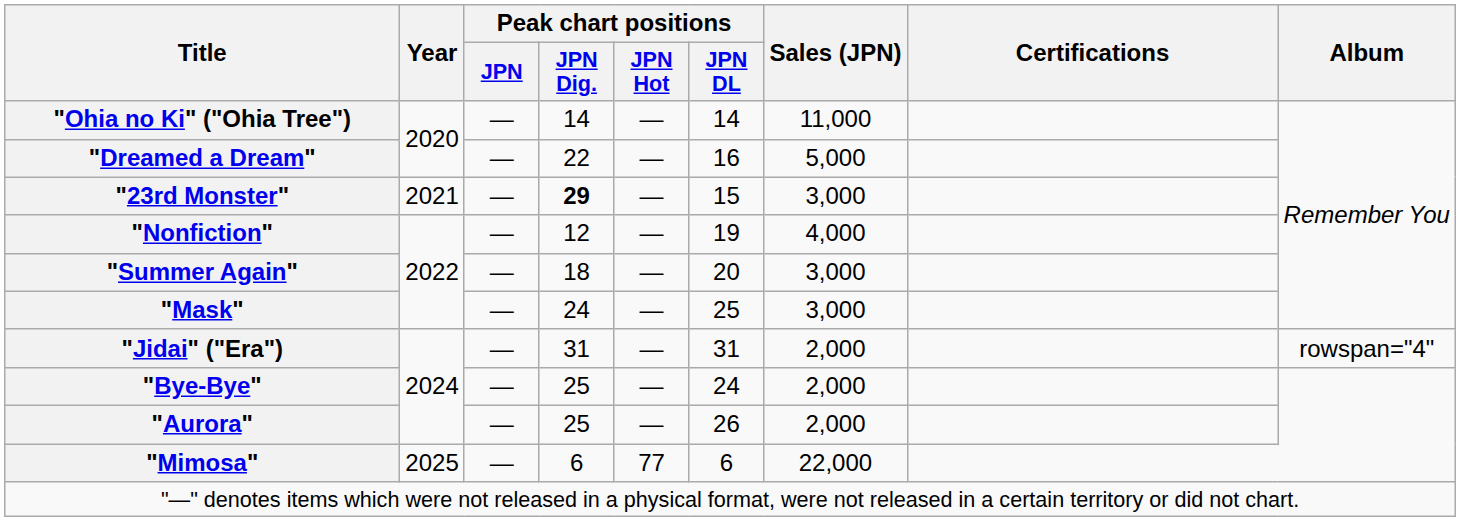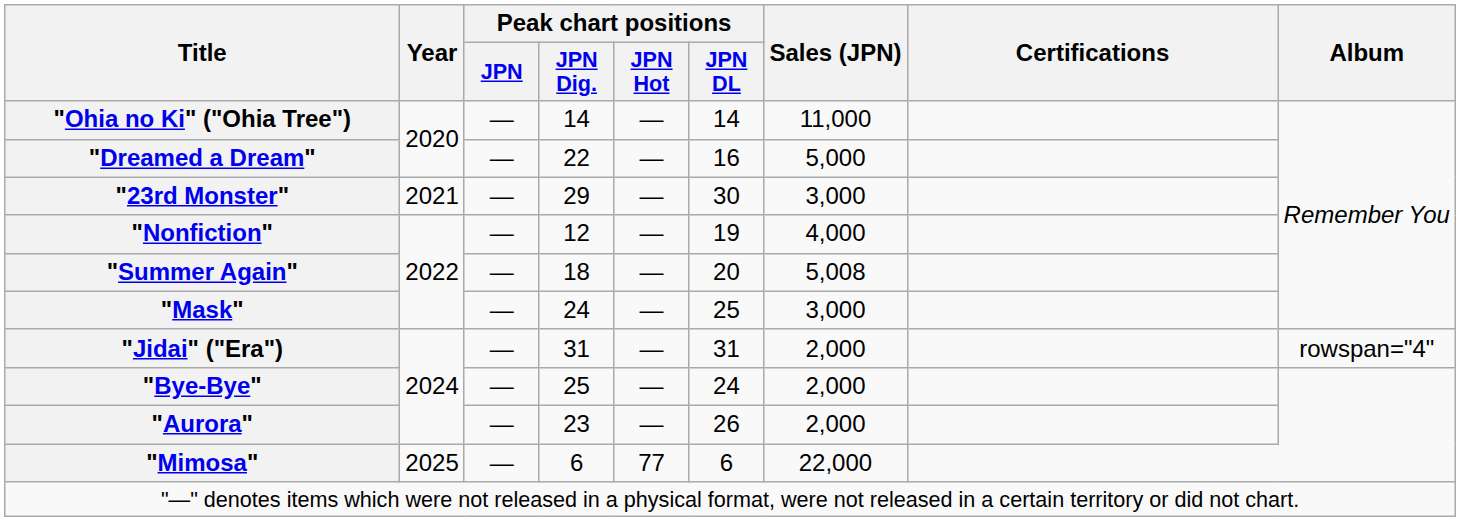 <table class="wikitable plainrowheaders" style="text-align:center;">
 <tr>
 <th scope="col" rowspan="2" style="width:16em;">Title</th>
 <th scope="col" rowspan="2">Year</th>
 <th scope="col" colspan="4">Peak chart positions</th>
 <th scope="col" rowspan="2">Sales (JPN)</th>
 <th scope="col" rowspan="2" style="width:15em;">Certifications</th>
 <th scope="col" rowspan="2">Album</th>
 </tr>
 <tr>
 <th scope="col" style="width:3em;font-size:90%;"><a href='#'>JPN</a><br></th>
 <th scope="col" style="width:3em;font-size:90%;"><a href='#'>JPN Dig.</a><br></th>
 <th scope="col" style="width:3em;font-size:90%;"><a href='#'>JPN Hot</a><br></th>
 <th scope="col" style="width:3em;font-size:90%;"><a href='#'>JPN DL</a><br></th>
 </tr>
 <tr>
 <th scope="row">"<a href='#'>Ohia no Ki</a>" ("Ohia Tree")</th>
 <td rowspan="2">2020</td>
 <td>—</td>
 <td>14</td>
 <td>—</td>
 <td>14</td>
 <td>11,000</td>
 <td></td>
 <td rowspan="6"><em>Remember You</em></td>
 </tr>
 <tr>
 <th scope="row">"<a href='#'>Dreamed a Dream</a>"</th>
 <td>—</td>
 <td>22</td>
 <td>—</td>
 <td>16</td>
 <td>5,000</td>
 <td></td>
 </tr>
 <tr>
 <th scope="row">"<a href='#'>23rd Monster</a>"</th>
 <td>2021</td>
 <td>—</td>
-<td><strong>29</strong></td>
+<td>29</td>
 <td>—</td>
-<td>15</td>
+<td>30</td>
 <td>3,000</td>
 <td></td>
 </tr>
 <tr>
 <th scope="row">"<a href='#'>Nonfiction</a>"</th>
 <td rowspan="3">2022</td>
 <td>—</td>
 <td>12</td>
 <td>—</td>
 <td>19</td>
 <td>4,000</td>
 <td></td>
 </tr>
 <tr>
 <th scope="row">"<a href='#'>Summer Again</a>"</th>
 <td>—</td>
 <td>18</td>
 <td>—</td>
 <td>20</td>
-<td>3,000</td>
+<td>5,008</td>
 <td></td>
 </tr>
 <tr>
 <th scope="row">"<a href='#'>Mask</a>"</th>
 <td>—</td>
 <td>24</td>
 <td>—</td>
 <td>25</td>
 <td>3,000</td>
 <td></td>
 </tr>
 <tr>
 <th scope="row">"<a href='#'>Jidai</a>" ("Era")</th>
 <td rowspan="3">2024</td>
 <td>—</td>
 <td>31</td>
 <td>—</td>
 <td>31</td>
 <td>2,000</td>
 <td></td>
 <td>rowspan="4"  </td>
 </tr>
 <tr>
 <th scope="row">"<a href='#'>Bye-Bye</a>"</th>
 <td>—</td>
 <td>25</td>
 <td>—</td>
 <td>24</td>
 <td>2,000</td>
 <td></td>
 </tr>
 <tr>
 <th scope="row">"<a href='#'>Aurora</a>"</th>
 <td>—</td>
-<td>25</td>
+<td>23</td>
 <td>—</td>
 <td>26</td>
 <td>2,000</td>
 <td></td>
 </tr>
 <tr>
 <th scope="row">"<a href='#'>Mimosa</a>"</th>
 <td>2025</td>
 <td>—</td>
 <td>6</td>
 <td>77</td>
 <td>6</td>
 <td>22,000</td>
 </tr>
 <tr>
 <td colspan="9" align="center" style="font-size:90%;">"—" denotes items which were not released in a physical format, were not released in a certain territory or did not chart.</td>
 </tr>
 </table>
